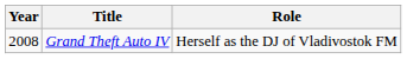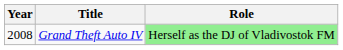 <table class="wikitable sortable">
 <tr>
 <th>Year</th>
 <th>Title</th>
 <th>Role</th>
 </tr>
 <tr>
 <td rowspan="2">2008</td>
 <td><em><a href='#'>Grand Theft Auto IV</a></em></td>
-<td>Herself as the DJ of Vladivostok FM</td>
+<td style="background: lightgreen;">Herself as the DJ of Vladivostok FM</td>
 </tr>
 </table>
